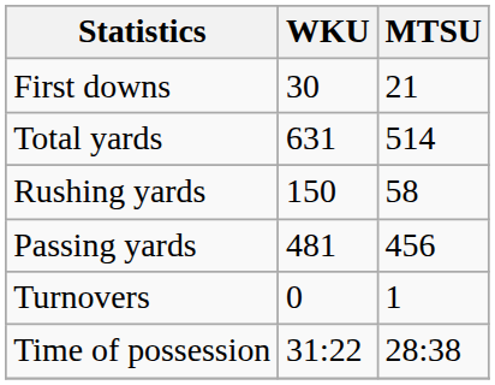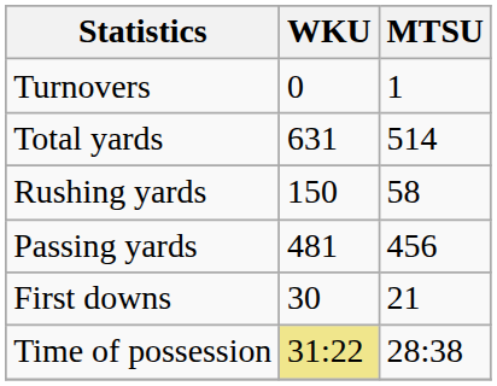 <table class="wikitable">
 <tr>
 <th>Statistics</th>
 <th>WKU</th>
 <th>MTSU</th>
 </tr>
 <tr>
-<td>First downs</td>
-<td>30</td>
-<td>21</td>
+<td>Turnovers</td>
+<td>0</td>
+<td>1</td>
 </tr>
 <tr>
 <td>Total yards</td>
 <td>631</td>
 <td>514</td>
 </tr>
 <tr>
 <td>Rushing yards</td>
 <td>150</td>
 <td>58</td>
 </tr>
 <tr>
 <td>Passing yards</td>
 <td>481</td>
 <td>456</td>
 </tr>
 <tr>
-<td>Turnovers</td>
-<td>0</td>
-<td>1</td>
+<td>First downs</td>
+<td>30</td>
+<td>21</td>
 </tr>
 <tr>
 <td>Time of possession</td>
-<td>31:22</td>
+<td style="background: khaki;">31:22</td>
 <td>28:38</td>
 </tr>
 <tr>
 </tr>
 </table>
